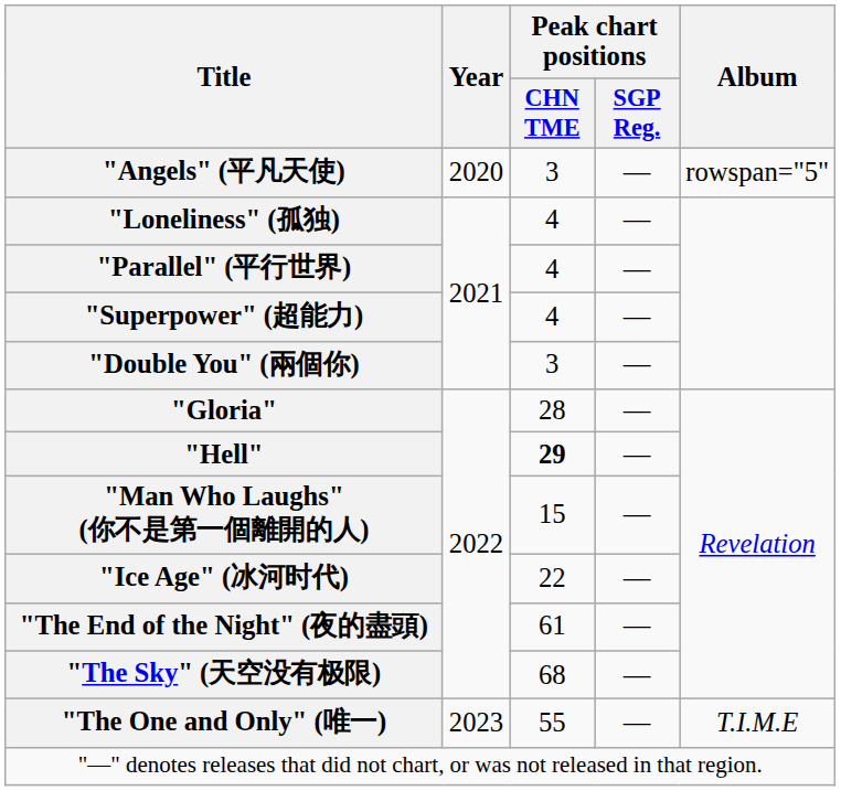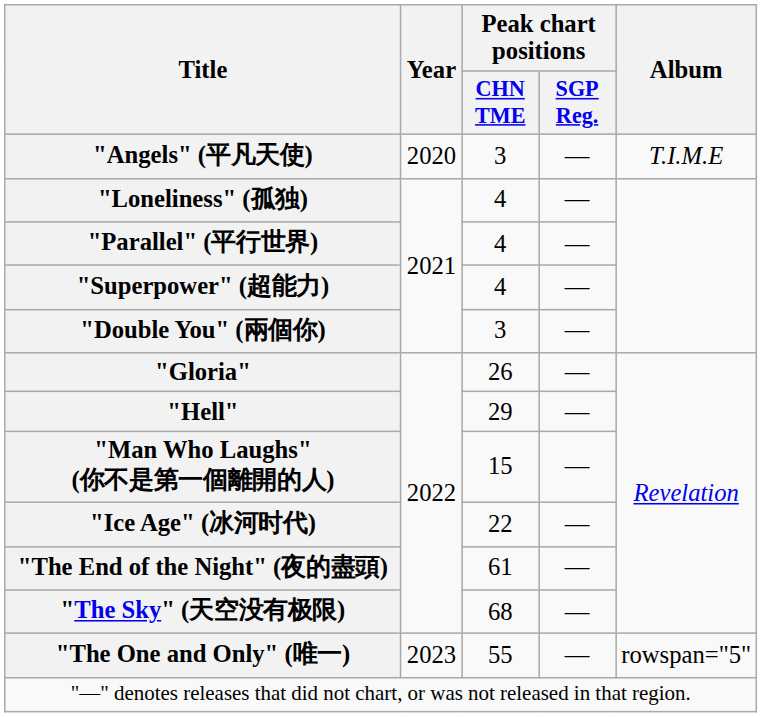 <table class="wikitable plainrowheaders" style="text-align:center;">
 <tr>
 <th rowspan="2" scope="col" width="250">Title</th>
 <th rowspan="2" scope="col">Year</th>
 <th colspan="2">Peak chart positions</th>
 <th rowspan="2" scope="col">Album</th>
 </tr>
 <tr>
 <th scope="col" style="width:3em;font-size:90%;"><a href='#'>CHN TME</a><br></th>
 <th scope="col" style="width:3em;font-size:90%;"><a href='#'>SGP Reg.</a><br></th>
 </tr>
 <tr>
 <th scope="row">"Angels" (平凡天使)</th>
 <td>2020</td>
 <td>3</td>
 <td>—</td>
-<td>rowspan="5" </td>
+<td><em>T.I.M.E</em></td>
 </tr>
 <tr>
 <th scope="row">"Loneliness" (孤独)</th>
 <td rowspan="4">2021</td>
 <td>4</td>
 <td>—</td>
 </tr>
 <tr>
 <th scope="row">"Parallel" (平行世界)</th>
 <td>4</td>
 <td>—</td>
 </tr>
 <tr>
 <th scope="row">"Superpower" (超能力)</th>
 <td>4</td>
 <td>—</td>
 </tr>
 <tr>
 <th scope="row">"Double You" (兩個你)</th>
 <td>3</td>
 <td>—</td>
 </tr>
 <tr>
 <th scope="row">"Gloria"</th>
 <td rowspan="6">2022</td>
-<td>28</td>
+<td>26</td>
 <td>—</td>
 <td rowspan="6"><em><a href='#'>Revelation</a></em></td>
 </tr>
 <tr>
 <th scope="row">"Hell"</th>
-<td><strong>29</strong></td>
+<td>29</td>
 <td>—</td>
 </tr>
 <tr>
 <th scope="row">"Man Who Laughs"<br>(你不是第一個離開的人)</th>
 <td>15</td>
 <td>—</td>
 </tr>
 <tr>
 <th scope="row">"Ice Age" (冰河时代)</th>
 <td>22</td>
 <td>—</td>
 </tr>
 <tr>
 <th scope="row">"The End of the Night" (夜的盡頭)</th>
 <td>61</td>
 <td>—</td>
 </tr>
 <tr>
 <th scope="row">"<a href='#'>The Sky</a>" (天空没有极限)</th>
 <td>68</td>
 <td>—</td>
 </tr>
 <tr>
 <th scope="row">"The One and Only" (唯一)</th>
 <td>2023</td>
 <td>55</td>
 <td>—</td>
-<td><em>T.I.M.E</em></td>
+<td>rowspan="5" </td>
 </tr>
 <tr>
 <td colspan="5" style="font-size:85%">"—" denotes releases that did not chart, or was not released in that region.</td>
 </tr>
 </table>
